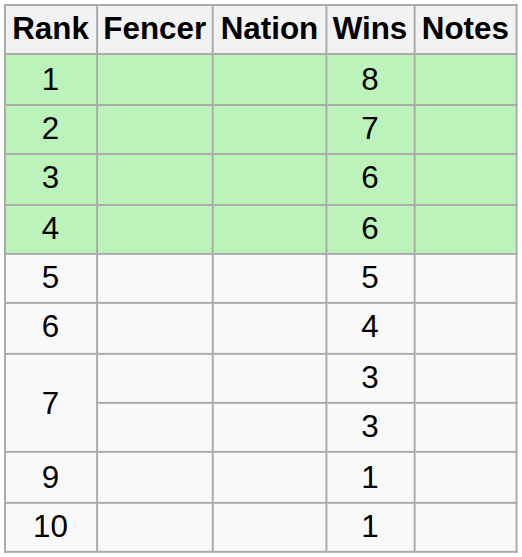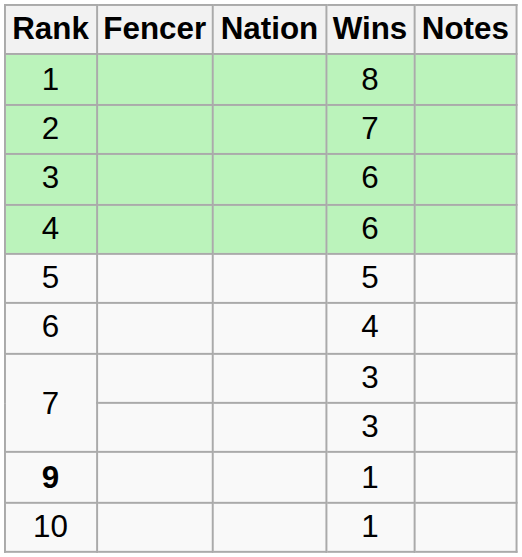 <table class="wikitable sortable" style="text-align:center">
 <tr>
 <th>Rank</th>
 <th>Fencer</th>
 <th>Nation</th>
 <th>Wins</th>
 <th>Notes</th>
 </tr>
 <tr bgcolor=bbf3bb>
 <td>1</td>
 <td align=left></td>
 <td align=left></td>
 <td>8</td>
 <td></td>
 </tr>
 <tr bgcolor=bbf3bb>
 <td>2</td>
 <td align=left></td>
 <td align=left></td>
 <td>7</td>
 <td></td>
 </tr>
 <tr bgcolor=bbf3bb>
 <td>3</td>
 <td align=left></td>
 <td align=left></td>
 <td>6</td>
 <td></td>
 </tr>
 <tr bgcolor=bbf3bb>
 <td>4</td>
 <td align=left></td>
 <td align=left></td>
 <td>6</td>
 <td></td>
 </tr>
 <tr>
 <td>5</td>
 <td align=left></td>
 <td align=left></td>
 <td>5</td>
 <td></td>
 </tr>
 <tr>
 <td>6</td>
 <td align=left></td>
 <td align=left></td>
 <td>4</td>
 <td></td>
 </tr>
 <tr>
 <td rowspan=2>7</td>
 <td align=left></td>
 <td align=left></td>
 <td>3</td>
 <td></td>
 </tr>
 <tr>
 <td align=left></td>
 <td align=left></td>
 <td>3</td>
 <td></td>
 </tr>
 <tr>
-<td>9</td>
+<td><strong>9</strong></td>
 <td align=left></td>
 <td align=left></td>
 <td>1</td>
 <td></td>
 </tr>
 <tr>
 <td>10</td>
 <td align=left></td>
 <td align=left></td>
 <td>1</td>
 <td></td>
 </tr>
 </table>
